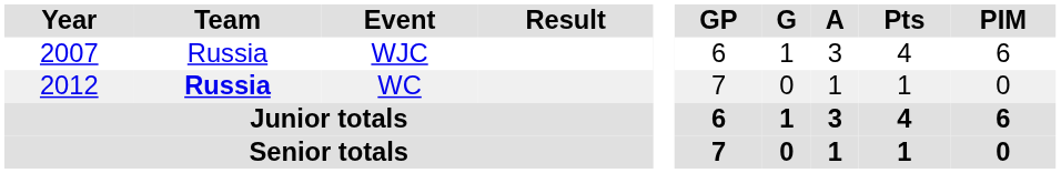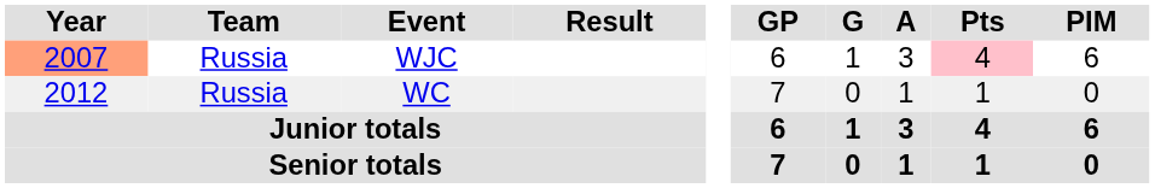 <table border="0" cellpadding="1" cellspacing="0" style="text-align:center; width:40em">
 <tr ALIGN="center" bgcolor="#e0e0e0">
 <th>Year</th>
 <th>Team</th>
 <th>Event</th>
 <th>Result</th>
 <th rowspan="99" bgcolor="#ffffff"> </th>
 <th>GP</th>
 <th>G</th>
 <th>A</th>
 <th>Pts</th>
 <th>PIM</th>
 </tr>
 <tr ALIGN="center">
-<td><a href='#'>2007</a></td>
+<td style="background: lightsalmon;"><a href='#'>2007</a></td>
 <td><a href='#'>Russia</a></td>
 <td><a href='#'>WJC</a></td>
 <td></td>
 <td>6</td>
 <td>1</td>
 <td>3</td>
-<td>4</td>
+<td style="background: pink;">4</td>
 <td>6</td>
 </tr>
 <tr ALIGN="center"   bgcolor="#f0f0f0">
 <td><a href='#'>2012</a></td>
-<td><strong><a href='#'>Russia</a></strong></td>
+<td><a href='#'>Russia</a></td>
 <td><a href='#'>WC</a></td>
 <td></td>
 <td>7</td>
 <td>0</td>
 <td>1</td>
 <td>1</td>
 <td>0</td>
 </tr>
 <tr ALIGN="center" bgcolor="#e0e0e0">
 <th colspan=4>Junior totals</th>
 <th>6</th>
 <th>1</th>
 <th>3</th>
 <th>4</th>
 <th>6</th>
 </tr>
 <tr ALIGN="center" bgcolor="#e0e0e0">
 <th colspan=4>Senior totals</th>
 <th>7</th>
 <th>0</th>
 <th>1</th>
 <th>1</th>
 <th>0</th>
 </tr>
 </table>
